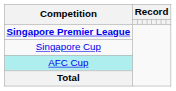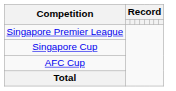 <table class="wikitable" style="text-align: center">
 <tr>
 <th rowspan=2>Competition</th>
 <th colspan=8>Record</th>
 </tr>
 <tr>
 <th></th>
 <th></th>
 <th></th>
 <th></th>
 <th></th>
 <th></th>
 <th></th>
 <th></th>
 </tr>
 <tr>
-<td><strong><a href='#'>Singapore Premier League</a><br></strong></td>
+<td><a href='#'>Singapore Premier League</a><br></td>
 </tr>
 <tr>
 <td><a href='#'>Singapore Cup</a><br></td>
 </tr>
 <tr>
-<td style="background: paleturquoise;"><a href='#'>AFC Cup</a><br></td>
+<td><a href='#'>AFC Cup</a><br></td>
 </tr>
 <tr>
 <th>Total<br></th>
 </tr>
 </table>
